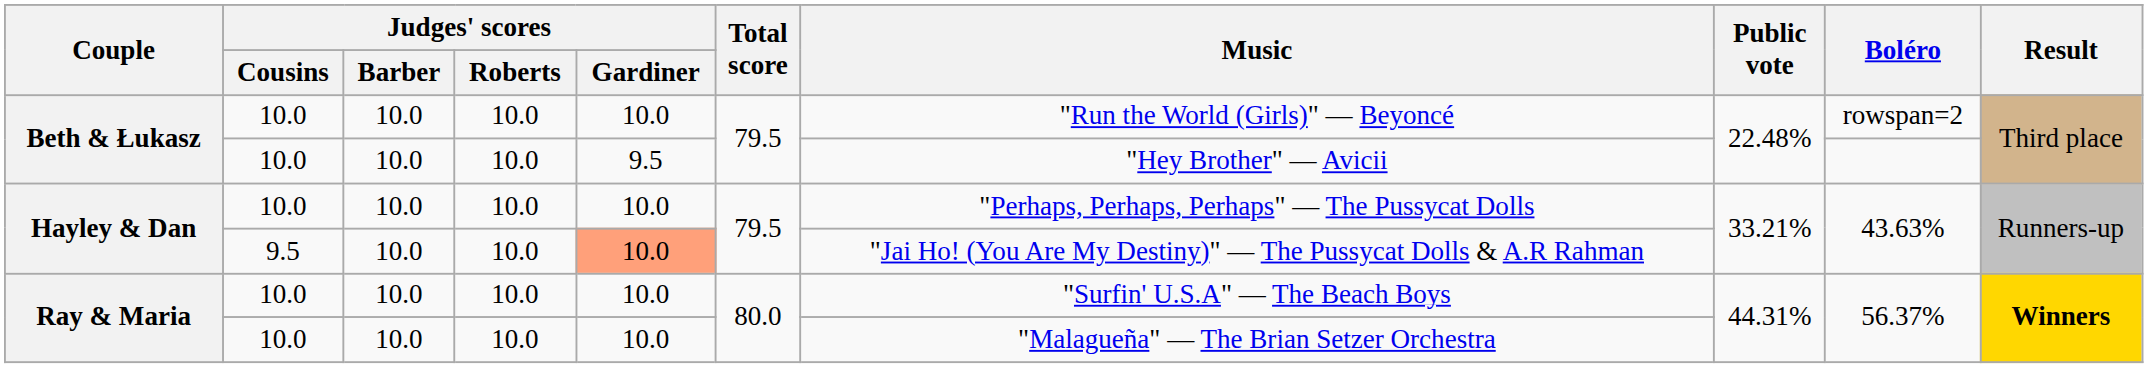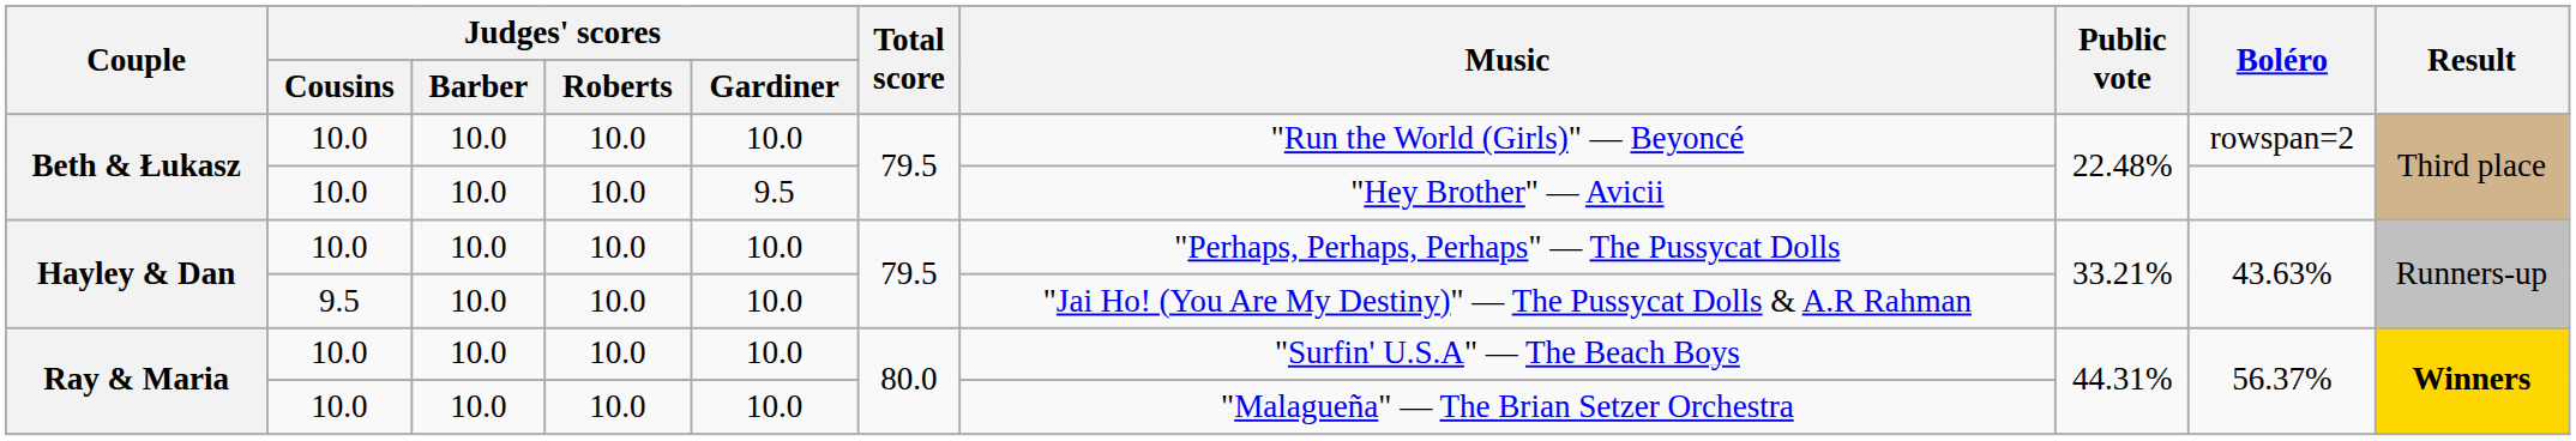 <table class="wikitable sortable" style="text-align:center; font-size:90%; width: 90%">
 <tr>
 <th scope="col" rowspan=2>Couple</th>
 <th scope="col" colspan=4 class="unsortable">Judges' scores</th>
 <th scope="col" rowspan=2>Total<br>score</th>
 <th scope="col" rowspan=2 class="unsortable">Music</th>
 <th scope="col" rowspan=2>Public<br>vote</th>
 <th scope="col" rowspan=2 class="unsortable"><a href='#'>Boléro</a></th>
 <th scope="col" rowspan=2 class="unsortable">Result</th>
 </tr>
 <tr>
 <th class="unsortable">Cousins</th>
 <th class="unsortable">Barber</th>
 <th class="unsortable">Roberts</th>
 <th class="unsortable">Gardiner</th>
 </tr>
 <tr>
 <th scope="row" rowspan=2>Beth & Łukasz</th>
 <td>10.0</td>
 <td>10.0</td>
 <td>10.0</td>
 <td>10.0</td>
 <td rowspan=2>79.5</td>
 <td>"<a href='#'>Run the World (Girls)</a>" — <a href='#'>Beyoncé</a></td>
 <td rowspan="2">22.48%</td>
 <td>rowspan=2 </td>
 <td rowspan=2 bgcolor="tan">Third place</td>
 </tr>
 <tr>
 <td>10.0</td>
 <td>10.0</td>
 <td>10.0</td>
 <td>9.5</td>
 <td>"<a href='#'>Hey Brother</a>" — <a href='#'>Avicii</a></td>
 </tr>
 <tr>
 <th scope="row" rowspan=2>Hayley & Dan</th>
 <td>10.0</td>
 <td>10.0</td>
 <td>10.0</td>
 <td>10.0</td>
 <td rowspan=2>79.5</td>
 <td>"<a href='#'>Perhaps, Perhaps, Perhaps</a>" — <a href='#'>The Pussycat Dolls</a></td>
 <td rowspan="2">33.21%</td>
 <td rowspan=2>43.63%</td>
 <td rowspan=2 bgcolor="silver">Runners-up</td>
 </tr>
 <tr>
 <td>9.5</td>
 <td>10.0</td>
 <td>10.0</td>
-<td style="background: lightsalmon;">10.0</td>
+<td>10.0</td>
 <td>"<a href='#'>Jai Ho! (You Are My Destiny)</a>" — <a href='#'>The Pussycat Dolls</a> & <a href='#'>A.R Rahman</a></td>
 </tr>
 <tr>
 <th scope="row" rowspan=2>Ray & Maria</th>
 <td>10.0</td>
 <td>10.0</td>
 <td>10.0</td>
 <td>10.0</td>
 <td rowspan=2>80.0</td>
 <td>"<a href='#'>Surfin' U.S.A</a>" — <a href='#'>The Beach Boys</a></td>
 <td rowspan="2">44.31%</td>
 <td rowspan=2>56.37%</td>
 <td rowspan=2 bgcolor="gold"><strong>Winners</strong></td>
 </tr>
 <tr>
 <td>10.0</td>
 <td>10.0</td>
 <td>10.0</td>
 <td>10.0</td>
 <td>"<a href='#'>Malagueña</a>" — <a href='#'>The Brian Setzer Orchestra</a></td>
 </tr>
 </table>
